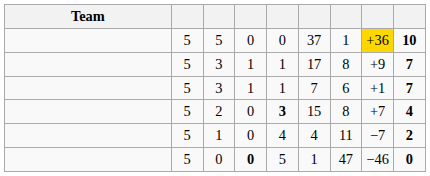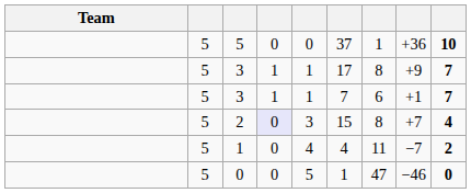 <table class="wikitable" style="text-align: center; font-size:90% ">
 <tr>
 <th width=160>Team</th>
 <th width=25></th>
 <th width=25></th>
 <th width=25></th>
 <th width=25></th>
 <th width=25></th>
 <th width=25></th>
 <th width=25></th>
 <th width=25></th>
 </tr>
 <tr>
 <td align=left></td>
 <td>5</td>
 <td>5</td>
 <td>0</td>
 <td>0</td>
 <td>37</td>
 <td>1</td>
-<td style="background: gold;">+36</td>
+<td>+36</td>
 <td><strong>10</strong></td>
 </tr>
 <tr>
 <td align=left></td>
 <td>5</td>
 <td>3</td>
 <td>1</td>
 <td>1</td>
 <td>17</td>
 <td>8</td>
 <td>+9</td>
 <td><strong>7</strong></td>
 </tr>
 <tr>
 <td align=left></td>
 <td>5</td>
 <td>3</td>
 <td>1</td>
 <td>1</td>
 <td>7</td>
 <td>6</td>
 <td>+1</td>
 <td><strong>7</strong></td>
 </tr>
 <tr>
 <td align=left></td>
 <td>5</td>
 <td>2</td>
-<td>0</td>
-<td><strong>3</strong></td>
+<td style="background: lavender;">0</td>
+<td>3</td>
 <td>15</td>
 <td>8</td>
 <td>+7</td>
 <td><strong>4</strong></td>
 </tr>
 <tr>
 <td align=left></td>
 <td>5</td>
 <td>1</td>
 <td>0</td>
 <td>4</td>
 <td>4</td>
 <td>11</td>
 <td>−7</td>
 <td><strong>2</strong></td>
 </tr>
 <tr>
 <td align=left></td>
 <td>5</td>
 <td>0</td>
-<td><strong>0</strong></td>
+<td>0</td>
 <td>5</td>
 <td>1</td>
 <td>47</td>
 <td>−46</td>
 <td><strong>0</strong></td>
 </tr>
 </table>
